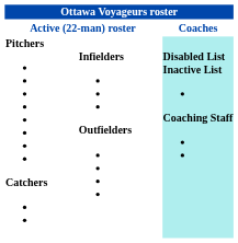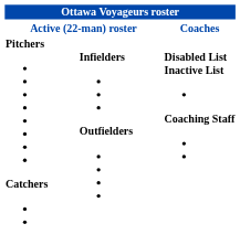 <table class="toccolours" style="font-size: 95%;">
 <tr>
 <th colspan="10" style="background-color: #0047AB;color:white;text-align:center;">Ottawa Voyageurs roster</th>
 </tr>
 <tr>
 <td colspan="4" style="background-color: white; color: #0047AB; text-align: center;"><strong>Active (22-man) roster</strong></td>
 <td colspan="1" style="background-color: white; color: #0047AB; text-align: center;"><strong>Coaches</strong></td>
 </tr>
 <tr>
 <td style="vertical-align:top;"><strong>Pitchers</strong><br><ul><li></li><li></li><li></li><li></li><li></li><li></li><li></li><li></li></ul><strong>Catchers</strong><ul><li></li><li></li></ul></td>
 <td width="35"> </td>
 <td style="vertical-align:top;"><br><strong>Infielders</strong><ul><li></li><li></li><li></li></ul><strong>Outfielders</strong><ul><li></li><li></li><li></li><li></li></ul></td>
 <td width="35"> </td>
-<td style="background: paleturquoise; vertical-align:top;"><br><strong>Disabled List</strong><br><strong>Inactive List</strong><ul><li></li></ul><strong>Coaching Staff</strong><ul><li></li><li></li></ul></td>
+<td style="vertical-align:top;"><br><strong>Disabled List</strong><br><strong>Inactive List</strong><ul><li></li></ul><strong>Coaching Staff</strong><ul><li></li><li></li></ul></td>
 </tr>
 </table>
